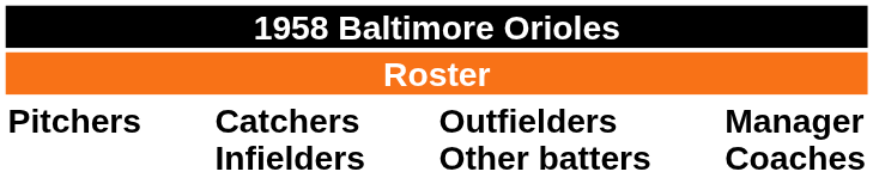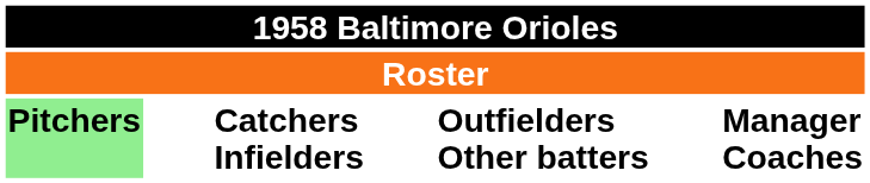 <table class="toccolours" style="font-size: 95%;">
 <tr>
 <th colspan="10" style="background-color: black; color: white; text-align: center;">1958 Baltimore Orioles</th>
 </tr>
 <tr>
 <td colspan="10" style="background-color: #F87217; color: white; text-align: center;"><strong>Roster</strong></td>
 </tr>
 <tr>
-<td valign="top"><strong>Pitchers</strong><br>             </td>
+<td valign="top" style="background: lightgreen;"><strong>Pitchers</strong><br>             </td>
 <td width="25px"></td>
 <td valign="top"><strong>Catchers</strong><br>   <strong>Infielders</strong>          </td>
 <td width="25px"></td>
 <td valign="top"><strong>Outfielders</strong><br>          <strong>Other batters</strong> </td>
 <td width="25px"></td>
 <td valign="top"><strong>Manager</strong><br> <strong>Coaches</strong>     </td>
 </tr>
 <tr>
 </tr>
 </table>
